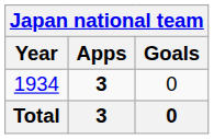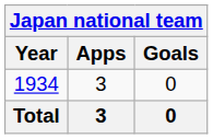 <table class="wikitable" style="text-align:center">
 <tr>
 <th colspan=3><a href='#'>Japan national team</a></th>
 </tr>
 <tr>
 <th>Year</th>
 <th>Apps</th>
 <th>Goals</th>
 </tr>
 <tr>
 <td><a href='#'>1934</a></td>
-<td><strong>3</strong></td>
+<td>3</td>
 <td>0</td>
 </tr>
 <tr>
 <th>Total</th>
 <th>3</th>
 <th>0</th>
 </tr>
 </table>
